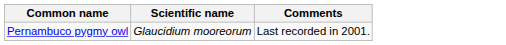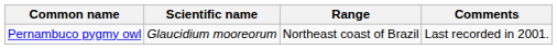 <table class="wikitable">
 <tr>
 <th>Common name</th>
 <th>Scientific name</th>
+<th>Range</th>
 <th class="unsortable">Comments</th>
 </tr>
 <tr>
 <td><a href='#'>Pernambuco pygmy owl</a></td>
 <td><em>Glaucidium mooreorum</em></td>
+<td>Northeast coast of Brazil</td>
 <td>Last recorded in 2001.</td>
 </tr>
 </table>
